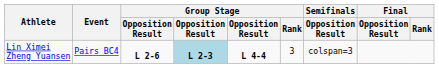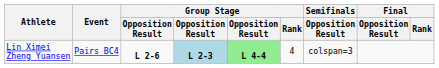 <table class=wikitable>
 <tr>
 <th rowspan="2">Athlete</th>
 <th rowspan="2">Event</th>
 <th colspan="4">Group Stage</th>
 <th>Semifinals</th>
 <th colspan="2">Final</th>
 </tr>
 <tr>
 <th>Opposition<br>Result</th>
 <th>Opposition<br>Result</th>
 <th>Opposition<br>Result</th>
 <th>Rank</th>
 <th>Opposition<br>Result</th>
 <th>Opposition<br>Result</th>
 <th>Rank</th>
 </tr>
 <tr align=center>
 <td align=left><a href='#'>Lin Ximei</a><br><a href='#'>Zheng Yuansen</a></td>
 <td align=left><a href='#'>Pairs BC4</a></td>
 <td><br> <strong>L 2-6</strong></td>
 <td style="background: lightblue;"><br> <strong>L 2-3</strong></td>
-<td><br> <strong>L 4-4</strong></td>
-<td>3</td>
+<td style="background: lightgreen;"><br> <strong>L 4-4</strong></td>
+<td>4</td>
 <td>colspan=3 </td>
 </tr>
 </table>
